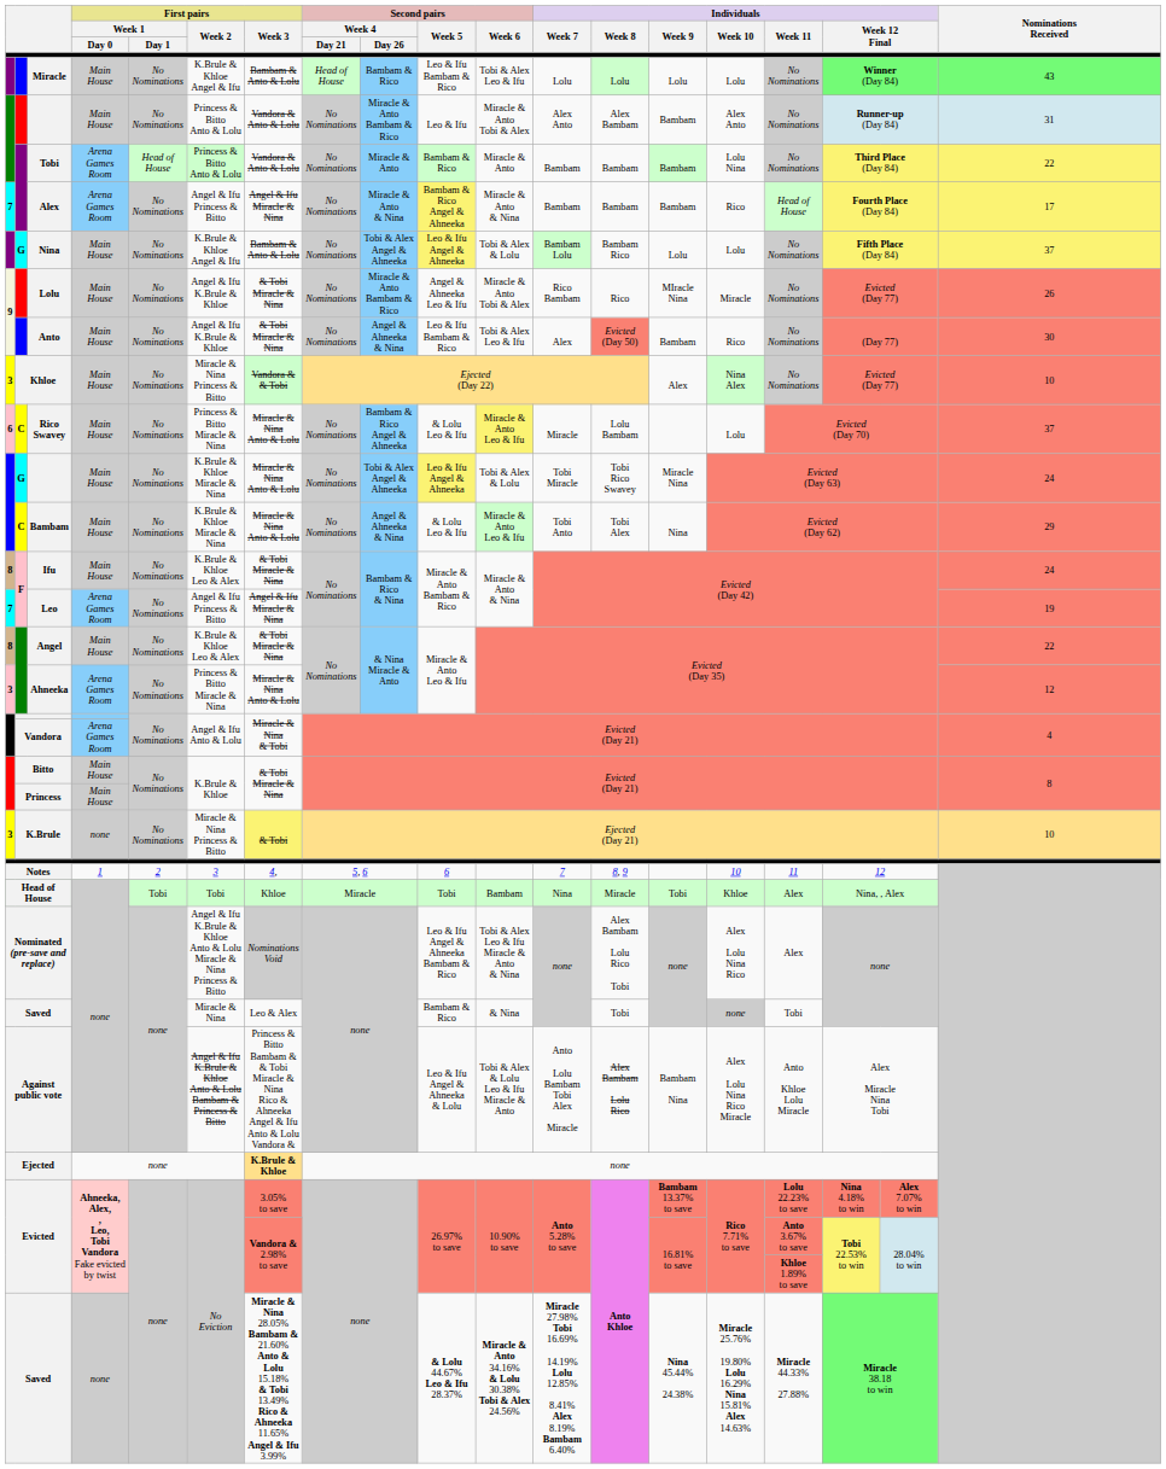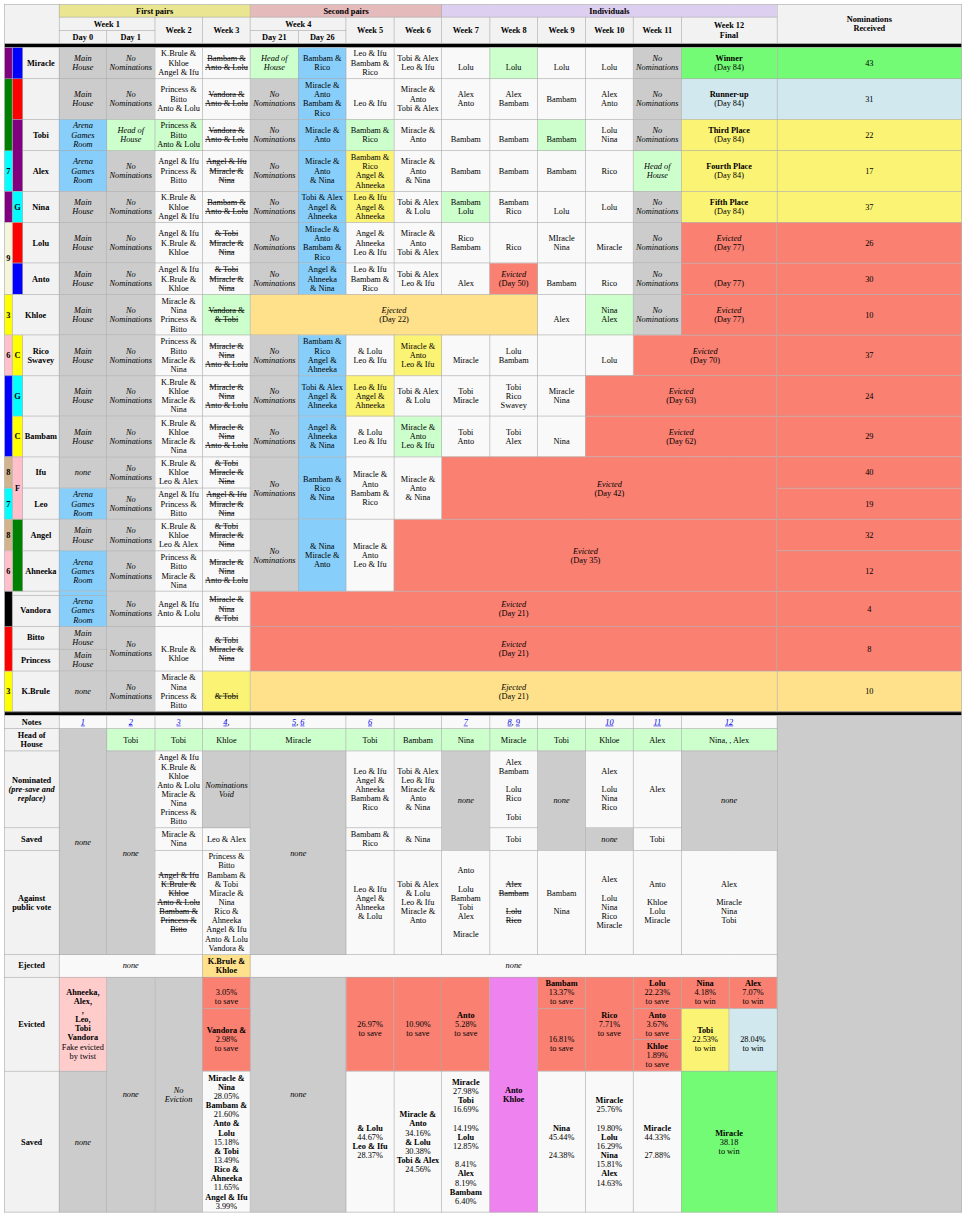 <table class="wikitable" style="text-align:center; width:auto; font-size:85%; line-height:15px;">
 <tr>
 <th colspan="3" rowspan="3" style="width: 5%;"></th>
 <th colspan="4" style="background:#E9E590">First pairs</th>
 <th colspan="4" style="background:#E5BABA">Second pairs</th>
 <th colspan="7" style="background:#DDCFEF">Individuals</th>
 <th rowspan="3" tyle="width: 5%;">Nominations<br>Received</th>
 </tr>
 <tr>
 <th colspan="2" style="width: 10%;">Week 1</th>
 <th rowspan="2" style="width: 5%;">Week 2</th>
 <th rowspan="2" style="width: 5%;">Week 3</th>
 <th colspan="2" style="width: 10%;">Week 4</th>
 <th rowspan="2" style="width: 5%;">Week 5</th>
 <th rowspan="2" style="width: 5%;">Week 6</th>
 <th rowspan="2" style="width: 5%;">Week 7</th>
 <th rowspan="2" style="width: 5%;">Week 8</th>
 <th rowspan="2" style="width: 5%;">Week 9</th>
 <th rowspan="2" style="width: 5%;">Week 10</th>
 <th rowspan="2" style="width: 5%;">Week 11</th>
 <th colspan="2" rowspan="2" style="width: 10%;">Week 12<br>Final</th>
 </tr>
 <tr>
 <th style="width: 5%;">Day 0 </th>
 <th style="width: 5%;">Day 1</th>
 <th style="width: 5%;">Day 21</th>
 <th style="width: 5%;">Day 26</th>
 </tr>
 <tr>
 <td colspan="19" style="background:#000"></td>
 </tr>
 <tr>
 <th style="background:purple"></th>
 <th style="background:blue"></th>
 <th>Miracle</th>
 <td style="background:#CCC"><em>Main<br>House</em></td>
 <td style="background:#CCCCCC"><em>No<br>Nominations</em></td>
 <td>K.Brule & Khloe<br>Angel & Ifu</td>
 <td><s>Bambam & <br>Anto & Lolu</s></td>
 <td style="background:#cfc"><em>Head of<br>House</em></td>
 <td style="background:#87CEFA">Bambam & Rico<br></td>
 <td>Leo & Ifu<br>Bambam & Rico</td>
 <td>Tobi & Alex<br>Leo & Ifu</td>
 <td><br>Lolu</td>
 <td style="background:#cfc"><br>Lolu</td>
 <td><br>Lolu</td>
 <td><br>Lolu</td>
 <td style="background:#CCCCCC"><em>No<br>Nominations</em></td>
 <td style="background:#73FB76" colspan="2"><strong>Winner</strong><br>(Day 84)</td>
 <td style="background:#73FB76">43</td>
 </tr>
 <tr>
 <th rowspan="2" style="background:green"></th>
 <th style="background:red"></th>
 <th></th>
 <td style="background:#CCC"><em>Main<br>House</em></td>
 <td style="background:#CCCCCC"><em>No<br>Nominations</em></td>
 <td>Princess & Bitto<br>Anto & Lolu</td>
 <td><s>Vandora & <br>Anto & Lolu</s></td>
 <td style="background:#CCCCCC"><em>No<br>Nominations</em></td>
 <td style="background:#87CEFA">Miracle & Anto<br>Bambam & Rico</td>
 <td><br>Leo & Ifu</td>
 <td>Miracle & Anto<br>Tobi & Alex</td>
 <td>Alex<br>Anto</td>
 <td>Alex<br>Bambam</td>
 <td>Bambam<br></td>
 <td>Alex<br>Anto</td>
 <td style="background:#CCCCCC"><em>No<br>Nominations</em></td>
 <td style="background:#D1E8EF" colspan="2"><strong>Runner-up</strong><br>(Day 84)</td>
 <td style="background:#D1E8EF">31</td>
 </tr>
 <tr>
 <th rowspan="2" style="background:purple"></th>
 <th>Tobi</th>
 <td style="background:#87CEFA"><em>Arena Games<br>Room</em></td>
 <td style="background:#cfc"><em>Head of<br>House</em></td>
 <td style="background:#cfc">Princess & Bitto<br>Anto & Lolu</td>
 <td><s>Vandora & <br>Anto & Lolu</s></td>
 <td style="background:#CCCCCC"><em>No<br>Nominations</em></td>
 <td style="background:#87CEFA">Miracle & Anto<br></td>
 <td style="background:#cfc">Bambam & Rico<br></td>
 <td>Miracle & Anto<br></td>
 <td><br>Bambam</td>
 <td><br>Bambam</td>
 <td style="background:#cfc"><br>Bambam</td>
 <td>Lolu<br>Nina</td>
 <td style="background:#CCCCCC"><em>No<br>Nominations</em></td>
 <td bgcolor=FBF373 colspan="2"><strong>Third Place</strong><br>(Day 84)</td>
 <td bgcolor=FBF373>22</td>
 </tr>
 <tr>
 <th style="background:cyan">7</th>
 <th>Alex</th>
 <td style="background:#87CEFA"><em>Arena Games<br>Room</em></td>
 <td style="background:#CCCCCC"><em>No<br>Nominations</em></td>
 <td>Angel & Ifu<br>Princess & Bitto</td>
 <td><s>Angel & Ifu<br>Miracle & Nina</s></td>
 <td style="background:#CCCCCC"><em>No<br>Nominations</em></td>
 <td style="background:#87CEFA">Miracle & Anto<br> & Nina</td>
 <td style="background:#FBF373;">Bambam & Rico<br>Angel & Ahneeka</td>
 <td>Miracle & Anto<br> & Nina</td>
 <td>Bambam<br></td>
 <td>Bambam<br></td>
 <td>Bambam<br></td>
 <td>Rico<br></td>
 <td style="background:#cfc"><em>Head of<br>House</em></td>
 <td bgcolor=FBF373 colspan="2"><strong>Fourth Place</strong><br>(Day 84)</td>
 <td bgcolor=FBF373>17</td>
 </tr>
 <tr>
 <th style="background:purple"></th>
 <th style="background:cyan">G</th>
 <th>Nina</th>
 <td style="background:#CCC"><em>Main<br>House</em></td>
 <td style="background:#CCCCCC"><em>No<br>Nominations</em></td>
 <td>K.Brule & Khloe<br>Angel & Ifu</td>
 <td><s>Bambam & <br>Anto & Lolu</s></td>
 <td style="background:#CCCCCC"><em>No<br>Nominations</em></td>
 <td style="background:#87CEFA">Tobi & Alex<br>Angel & Ahneeka</td>
 <td style="background:#FBF373;">Leo & Ifu<br>Angel & Ahneeka</td>
 <td>Tobi & Alex<br>  & Lolu</td>
 <td style="background:#cfc">Bambam<br>Lolu</td>
 <td>Bambam<br>Rico</td>
 <td><br>Lolu</td>
 <td>Lolu<br></td>
 <td style="background:#CCCCCC"><em>No<br>Nominations</em></td>
 <td bgcolor=FBF373 colspan="2"><strong>Fifth Place</strong><br>(Day 84)</td>
 <td bgcolor=FBF373>37</td>
 </tr>
 <tr>
 <th rowspan="2" style="background:beige">9</th>
 <th style="background:red"></th>
 <th>Lolu</th>
 <td style="background:#CCC"><em>Main<br>House</em></td>
 <td style="background:#CCCCCC"><em>No<br>Nominations</em></td>
 <td>Angel & Ifu<br>K.Brule & Khloe</td>
 <td><s> & Tobi<br>Miracle & Nina</s></td>
 <td style="background:#CCCCCC"><em>No<br>Nominations</em></td>
 <td style="background:#87CEFA">Miracle & Anto<br>Bambam & Rico</td>
 <td>Angel & Ahneeka<br>Leo & Ifu</td>
 <td>Miracle & Anto<br>Tobi & Alex</td>
 <td>Rico<br>Bambam</td>
 <td><br>Rico</td>
 <td>MIracle<br>Nina</td>
 <td><br>Miracle</td>
 <td style="background:#CCCCCC"><em>No<br>Nominations</em></td>
 <td style="background:#FA8072" colspan="2"><em>Evicted</em><br>(Day 77)</td>
 <td style="background:#FA8072">26</td>
 </tr>
 <tr>
 <th style="background:blue"></th>
 <th>Anto</th>
 <td style="background:#CCC"><em>Main<br>House</em></td>
 <td style="background:#CCCCCC"><em>No<br>Nominations</em></td>
 <td>Angel & Ifu<br>K.Brule & Khloe</td>
 <td><s> & Tobi<br>Miracle & Nina</s></td>
 <td style="background:#CCCCCC"><em>No<br>Nominations</em></td>
 <td style="background:#87CEFA">Angel & Ahneeka<br> & Nina</td>
 <td>Leo & Ifu<br>Bambam & Rico</td>
 <td>Tobi & Alex<br>Leo & Ifu</td>
 <td><br>Alex</td>
 <td style="background:#FA8072"><em>Evicted</em><br>(Day 50)</td>
 <td><br>Bambam</td>
 <td><br>Rico</td>
 <td style="background:#CCCCCC"><em>No<br>Nominations</em></td>
 <td style="background:#FA8072" colspan="2"><em></em><br>(Day 77)</td>
 <td style="background:#FA8072">30</td>
 </tr>
 <tr>
 <th style="background:yellow">3</th>
 <th colspan="2">Khloe</th>
 <td style="background:#CCC"><em>Main<br>House</em></td>
 <td style="background:#CCCCCC"><em>No<br>Nominations</em></td>
 <td>Miracle & Nina<br>Princess & Bitto</td>
 <td style="background:#cfc"><s>Vandora & <br> & Tobi</s></td>
 <td colspan="6" style="background:#FFE08B"><em>Ejected</em><br>(Day 22)</td>
 <td><br>Alex</td>
 <td style="background:#cfc">Nina<br>Alex</td>
 <td style="background:#CCCCCC"><em>No<br>Nominations</em></td>
 <td style="background:#FA8072" colspan="2"><em>Evicted</em><br>(Day 77)</td>
 <td style="background:#FA8072">10</td>
 </tr>
 <tr>
 <th style="background:pink">6</th>
 <th style="background:yellow">C</th>
 <th>Rico Swavey</th>
 <td style="background:#CCC"><em>Main<br>House</em></td>
 <td style="background:#CCCCCC"><em>No<br>Nominations</em></td>
 <td>Princess & Bitto<br>Miracle & Nina</td>
 <td><s>Miracle & Nina<br>Anto & Lolu</s></td>
 <td style="background:#CCCCCC"><em>No<br>Nominations</em></td>
 <td style="background:#87CEFA">Bambam & Rico<br>Angel & Ahneeka</td>
 <td> & Lolu<br>Leo & Ifu</td>
 <td style="background:#FBF373;">Miracle & Anto<br>Leo & Ifu</td>
 <td><br>Miracle</td>
 <td>Lolu<br>Bambam</td>
 <td><br></td>
 <td><br>Lolu</td>
 <td colspan="3" style="background:#FA8072"><em>Evicted</em><br>(Day 70)</td>
 <td style="background:#FA8072">37</td>
 </tr>
 <tr>
 <th rowspan="2" style="background:blue"></th>
 <th style="background:cyan">G</th>
 <th></th>
 <td style="background:#CCC"><em>Main<br>House</em></td>
 <td style="background:#CCCCCC"><em>No<br>Nominations</em></td>
 <td>K.Brule & Khloe<br>Miracle & Nina</td>
 <td><s>Miracle & Nina<br>Anto & Lolu</s></td>
 <td style="background:#CCCCCC"><em>No<br>Nominations</em></td>
 <td style="background:#87CEFA">Tobi & Alex<br>Angel & Ahneeka</td>
 <td style="background:#FBF373;">Leo & Ifu<br>Angel & Ahneeka</td>
 <td>Tobi & Alex<br>  & Lolu</td>
 <td>Tobi<br>Miracle</td>
 <td>Tobi<br>Rico Swavey</td>
 <td>Miracle<br>Nina</td>
 <td colspan="4" style="background:#FA8072"><em>Evicted</em><br>(Day 63)</td>
 <td style="background:#FA8072">24</td>
 </tr>
 <tr>
 <th style="background:yellow">C</th>
 <th>Bambam</th>
 <td style="background:#CCC"><em>Main<br>House</em></td>
 <td style="background:#CCCCCC"><em>No<br>Nominations</em></td>
 <td>K.Brule & Khloe<br>Miracle & Nina</td>
 <td><s>Miracle & Nina<br>Anto & Lolu</s></td>
 <td style="background:#CCCCCC"><em>No<br>Nominations</em></td>
 <td style="background:#87CEFA">Angel & Ahneeka<br> & Nina</td>
 <td> & Lolu<br>Leo & Ifu</td>
 <td style="background:#cfc">Miracle & Anto<br>Leo & Ifu</td>
 <td>Tobi<br>Anto</td>
 <td>Tobi<br>Alex</td>
 <td><br>Nina</td>
 <td colspan="4" style="background:#FA8072"><em>Evicted</em><br>(Day 62)</td>
 <td style="background:#FA8072">29</td>
 </tr>
 <tr>
 <th style="background:tan">8</th>
 <th rowspan="2" style="background:pink">F</th>
 <th>Ifu</th>
-<td style="background:#CCC"><em>Main<br>House</em></td>
+<td style="background:#ccc"><em>none</em></td>
 <td style="background:#CCCCCC"><em>No<br>Nominations</em></td>
 <td>K.Brule & Khloe<br>Leo & Alex</td>
 <td><s> & Tobi<br>Miracle & Nina</s></td>
 <td rowspan="2" style="background:#CCCCCC"><em>No<br>Nominations</em></td>
 <td rowspan="2" style="background:#87CEFA">Bambam & Rico<br> & Nina</td>
 <td rowspan="2">Miracle & Anto<br>Bambam & Rico</td>
 <td rowspan="2">Miracle & Anto<br> & Nina</td>
 <td colspan="7" rowspan="2" style="background:#FA8072"><em>Evicted</em><br>(Day 42)</td>
-<td style="background:#FA8072">24</td>
+<td style="background:#FA8072">40</td>
 </tr>
 <tr>
 <th style="background:cyan">7</th>
 <th>Leo</th>
 <td style="background:#87CEFA"><em>Arena Games<br>Room</em></td>
 <td style="background:#CCCCCC"><em>No<br>Nominations</em></td>
 <td>Angel & Ifu<br>Princess & Bitto</td>
 <td><s>Angel & Ifu<br>Miracle & Nina</s></td>
 <td style="background:#FA8072">19</td>
 </tr>
 <tr>
 <th style="background:tan">8</th>
 <th rowspan="2" style="background:green"></th>
 <th>Angel</th>
 <td style="background:#CCC"><em>Main<br>House</em></td>
 <td style="background:#CCCCCC"><em>No<br>Nominations</em></td>
 <td>K.Brule & Khloe<br>Leo & Alex</td>
 <td><s> & Tobi<br>Miracle & Nina</s></td>
 <td rowspan="2" style="background:#CCCCCC"><em>No<br>Nominations</em></td>
 <td rowspan="2" style="background:#87CEFA"> & Nina<br>Miracle & Anto</td>
 <td rowspan="2">Miracle & Anto<br>Leo & Ifu</td>
 <td colspan="8" rowspan="2" style="background:#FA8072"><em>Evicted</em><br>(Day 35)</td>
-<td style="background:#FA8072">22</td>
+<td style="background:#FA8072">32</td>
 </tr>
 <tr>
-<th style="background:pink">3</th>
+<th style="background:pink">6</th>
 <th>Ahneeka</th>
 <td style="background:#87CEFA"><em>Arena Games<br>Room</em></td>
 <td style="background:#CCCCCC"><em>No<br>Nominations</em></td>
 <td>Princess & Bitto<br>Miracle & Nina</td>
 <td><s>Miracle & Nina<br>Anto & Lolu</s></td>
 <td style="background:#FA8072">12</td>
 </tr>
 <tr>
 <th rowspan="2" style="background:black"></th>
 <th colspan="2"></th>
 <td style="background:#87CEFA"></td>
 <td rowspan="2" style="background:#CCCCCC"><em>No<br>Nominations</em></td>
 <td rowspan="2">Angel & Ifu<br>Anto & Lolu</td>
 <td rowspan="2"><s>Miracle & Nina<br> & Tobi</s></td>
 <td colspan="11" rowspan="2" style="background:#FA8072"><em>Evicted</em><br>(Day 21)</td>
 <td rowspan="2" style="background:#FA8072">4</td>
 </tr>
 <tr>
 <th colspan="2">Vandora</th>
 <td style="background:#87CEFA"><em>Arena Games<br>Room</em></td>
 </tr>
 <tr>
 <th rowspan="2" style="background:red"></th>
 <th colspan="2">Bitto</th>
 <td style="background:#CCC"><em>Main<br>House</em></td>
 <td rowspan="2" style="background:#CCCCCC"><em>No<br>Nominations</em></td>
 <td rowspan="2"><br>K.Brule & Khloe</td>
 <td rowspan="2"><s> & Tobi<br>Miracle & Nina</s></td>
 <td colspan="11" rowspan="2" style="background:#FA8072"><em>Evicted</em><br>(Day 21)</td>
 <td rowspan="2" style="background:#FA8072">8</td>
 </tr>
 <tr>
 <th colspan="2">Princess</th>
 <td style="background:#CCC"><em>Main<br>House</em></td>
 </tr>
 <tr>
 <th style="background:yellow">3</th>
 <th colspan="2">K.Brule</th>
 <td style="background:#ccc"><em>none</em></td>
 <td style="background:#CCCCCC"><em>No<br>Nominations</em></td>
 <td>Miracle & Nina<br>Princess & Bitto</td>
 <td style="background:#FBF373;"><s><br> & Tobi</s></td>
 <td colspan="11" style="background:#FFE08B"><em>Ejected</em><br>(Day 21)</td>
 <td style="background:#FFE08B">10</td>
 </tr>
 <tr>
 <td colspan="19" style="background:#000"></td>
 </tr>
 <tr>
 <th colspan="3">Notes</th>
 <td><em><a href='#'>1</a></em></td>
 <td><em><a href='#'>2</a></em></td>
 <td><em><a href='#'>3</a></em></td>
 <td><em><a href='#'>4</a>,</em></td>
 <td colspan="2"><em><a href='#'>5</a>, <a href='#'>6</a></em></td>
 <td><em><a href='#'>6</a></em></td>
 <td></td>
 <td><em><a href='#'>7</a></em></td>
 <td><em><a href='#'>8</a>, <a href='#'>9</a></em></td>
 <td></td>
 <td><em><a href='#'>10</a></em></td>
 <td><em><a href='#'>11</a></em></td>
 <td colspan="2"><em><a href='#'>12</a></em></td>
 <td rowspan="13" style="background:#ccc"></td>
 </tr>
 <tr style="background:#cfc">
 <th colspan="3">Head of<br>House</th>
 <td rowspan="4" style="background:#ccc"><em>none</em></td>
 <td>Tobi</td>
 <td>Tobi</td>
 <td>Khloe</td>
 <td colspan="2">Miracle</td>
 <td>Tobi</td>
 <td>Bambam</td>
 <td>Nina</td>
 <td>Miracle</td>
 <td>Tobi</td>
 <td>Khloe</td>
 <td>Alex</td>
 <td colspan="2">Nina, , Alex</td>
 </tr>
 <tr>
 <th colspan="3">Nominated<br><em>(pre-save and replace)</em></th>
 <td rowspan="3" style="background:#ccc"><em>none</em></td>
 <td>Angel & Ifu<br>K.Brule & Khloe<br>Anto & Lolu<br>Miracle & Nina<br>Princess & Bitto</td>
 <td style="background:#ccc"><em>Nominations<br>Void</em></td>
 <td rowspan="3" colspan="2" style="background:#ccc"><em>none</em></td>
 <td>Leo & Ifu<br>Angel & Ahneeka<br>Bambam & Rico</td>
 <td>Tobi & Alex<br>Leo & Ifu<br>Miracle & Anto<br> & Nina</td>
 <td rowspan="2" style="background:#ccc"><em>none</em></td>
 <td>Alex<br>Bambam<br><br>Lolu<br>Rico<br><br>Tobi</td>
 <td rowspan="2" style="background:#ccc"><em>none</em></td>
 <td>Alex<br><br>Lolu<br>Nina<br>Rico</td>
 <td>Alex</td>
 <td colspan="2" rowspan="2" style="background:#ccc"><em>none</em></td>
 </tr>
 <tr>
 <th colspan="3">Saved</th>
 <td>Miracle & Nina</td>
 <td>Leo & Alex</td>
 <td>Bambam & Rico</td>
 <td> & Nina</td>
 <td>Tobi</td>
 <td style="background:#ccc"><em>none</em></td>
 <td>Tobi</td>
 </tr>
 <tr>
 <th colspan="3">Against<br>public vote</th>
 <td><s>Angel & Ifu<br>K.Brule & Khloe<br>Anto & Lolu<br>Bambam & <br>Princess & Bitto</s></td>
 <td>Princess & Bitto<br>Bambam & <br> & Tobi<br>Miracle & Nina<br>Rico & Ahneeka<br>Angel & Ifu<br>Anto & Lolu<br>Vandora & </td>
 <td>Leo & Ifu<br>Angel & Ahneeka<br> & Lolu</td>
 <td>Tobi & Alex<br> & Lolu<br>Leo & Ifu<br>Miracle & Anto</td>
 <td>Anto<br><br>Lolu<br>Bambam<br>Tobi<br>Alex<br><br>Miracle</td>
 <td><s>Alex<br>Bambam<br><br>Lolu<br>Rico<br></s></td>
 <td>Bambam<br><br>Nina<br></td>
 <td>Alex<br><br>Lolu<br>Nina<br>Rico<br>Miracle</td>
 <td>Anto<br><br>Khloe<br>Lolu<br>Miracle<br></td>
 <td colspan="2">Alex<br><br>Miracle<br>Nina<br>Tobi</td>
 </tr>
 <tr>
 <th colspan="3">Ejected</th>
 <td colspan="3"><em>none</em></td>
 <td style="background:#FFE08B"><strong>K.Brule & Khloe</strong></td>
 <td colspan="11"><em>none</em></td>
 </tr>
 <tr>
 <th colspan="3" rowspan="4">Evicted</th>
 <td rowspan="4" style="background:#fcc"><strong>Ahneeka,<br>Alex,<br>,<br>Leo,<br>Tobi<br>Vandora</strong><br>Fake evicted<br>by twist</td>
 <td rowspan="5" style="background:#ccc"><em>none</em></td>
 <td rowspan="5" style="background:#CCCCCC"><em>No<br>Eviction</em></td>
 <td rowspan="2" style="background:salmon"><strong></strong><br>3.05%<br>to save</td>
 <td colspan="2" rowspan="5" style="background:#ccc"><em>none</em></td>
 <td rowspan="4" style="background:salmon"><strong></strong><br>26.97%<br>to save</td>
 <td rowspan="4" style="background:salmon"><strong></strong><br>10.90%<br>to save</td>
 <td rowspan="4" style="background:salmon"><strong>Anto</strong><br>5.28%<br>to save</td>
 <td rowspan="5" style="background:violet"><strong>Anto <br> Khloe</strong> <br> </td>
 <td rowspan="2" style="background:salmon"><strong>Bambam</strong><br>13.37%<br>to save</td>
 <td rowspan="4" style="background:salmon"><strong>Rico</strong><br>7.71%<br>to save</td>
 <td style="background:salmon"><strong>Lolu</strong><br>22.23%<br>to save</td>
 <td rowspan="2" style="background:salmon"><strong>Nina</strong><br>4.18%<br>to win</td>
 <td rowspan="2" style="background:salmon"><strong>Alex</strong><br>7.07%<br>to win</td>
 </tr>
 <tr>
 <td rowspan="2" style="background:salmon"><strong>Anto</strong><br>3.67%<br>to save</td>
 </tr>
 <tr>
 <td rowspan="2" style="background:salmon"><strong>Vandora & </strong><br>2.98%<br>to save</td>
 <td rowspan="2"style="background:salmon"><strong></strong><br>16.81%<br>to save</td>
 <td rowspan="2" style="background:#FBF373"><strong>Tobi</strong><br>22.53%<br>to win</td>
 <td rowspan="2" style="background:#D1E8EF"><strong></strong><br>28.04%<br>to win</td>
 </tr>
 <tr>
 <td style="background:salmon"><strong>Khloe</strong><br>1.89%<br>to save</td>
 </tr>
 <tr>
 <th colspan="3">Saved</th>
 <td style="background:#ccc"><em>none</em></td>
 <td><strong>Miracle & Nina</strong><br>28.05%<br><strong>Bambam & </strong><br>21.60%<br><strong>Anto & Lolu</strong><br>15.18%<br><strong> & Tobi</strong><br>13.49%<br><strong>Rico & Ahneeka</strong><br>11.65%<br><strong>Angel & Ifu</strong><br>3.99%</td>
 <td><strong> & Lolu</strong><br>44.67%<br><strong>Leo & Ifu</strong><br>28.37%</td>
 <td><strong>Miracle & Anto</strong><br>34.16%<br><strong> & Lolu</strong><br>30.38%<br><strong>Tobi & Alex</strong><br>24.56%</td>
 <td><strong>Miracle</strong><br>27.98%<br><strong>Tobi</strong><br>16.69%<br><strong></strong><br>14.19%<br><strong>Lolu</strong><br>12.85%<br><strong></strong><br>8.41%<br><strong>Alex</strong><br>8.19%<br><strong>Bambam</strong><br>6.40%</td>
 <td><strong>Nina</strong><br>45.44%<br><strong></strong><br>24.38%</td>
 <td><strong>Miracle</strong><br>25.76%<br><strong></strong><br>19.80%<br><strong>Lolu</strong><br>16.29%<br><strong>Nina</strong><br>15.81%<br><strong>Alex</strong><br>14.63%</td>
 <td><strong>Miracle</strong><br>44.33%<br><strong></strong><br>27.88%<br></td>
 <td colspan="2" style="background:#73FB76"><strong>Miracle</strong><br>38.18<br>to win</td>
 </tr>
 </table>
